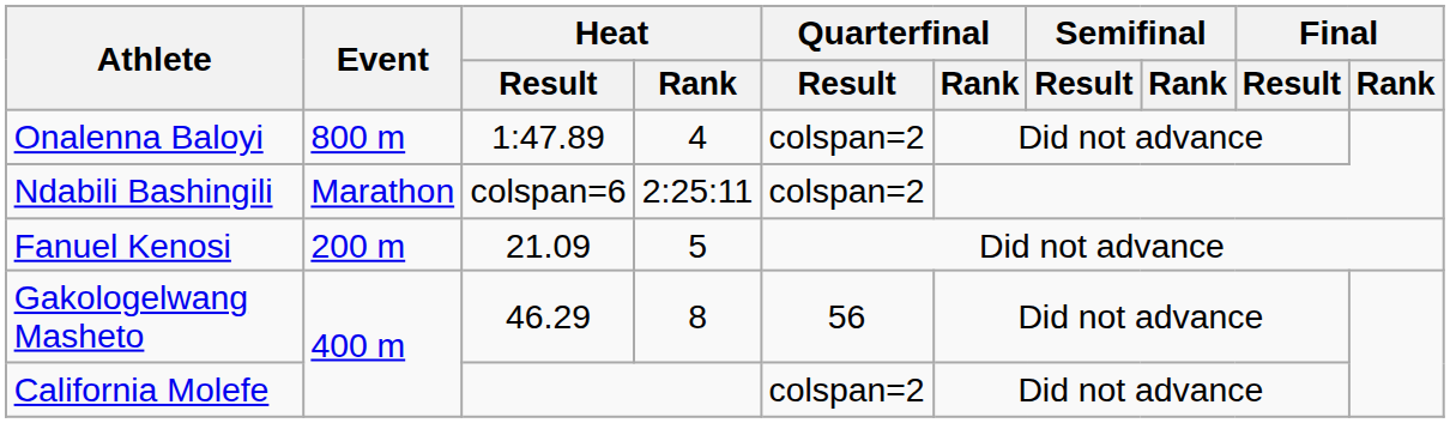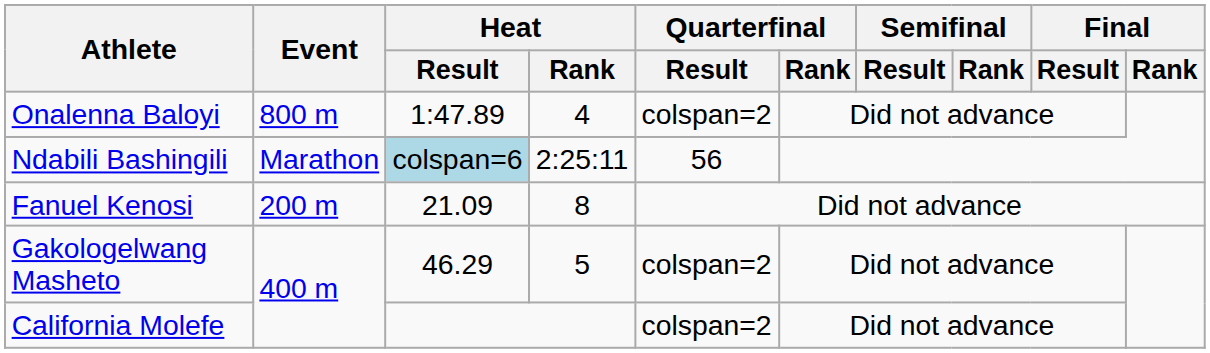 <table class=wikitable style="font-size:90%">
 <tr>
 <th rowspan="2">Athlete</th>
 <th rowspan="2">Event</th>
 <th colspan="2">Heat</th>
 <th colspan="2">Quarterfinal</th>
 <th colspan="2">Semifinal</th>
 <th colspan="2">Final</th>
 </tr>
 <tr style="font-size:95%">
 <th>Result</th>
 <th>Rank</th>
 <th>Result</th>
 <th>Rank</th>
 <th>Result</th>
 <th>Rank</th>
 <th>Result</th>
 <th>Rank</th>
 </tr>
 <tr align=center>
 <td align=left><a href='#'>Onalenna Baloyi</a></td>
 <td align=left><a href='#'>800 m</a></td>
 <td>1:47.89</td>
 <td>4</td>
 <td>colspan=2 </td>
 <td colspan=4>Did not advance</td>
 </tr>
 <tr align=center>
 <td align=left><a href='#'>Ndabili Bashingili</a></td>
 <td align=left><a href='#'>Marathon</a></td>
-<td>colspan=6 </td>
+<td style="background: lightblue;">colspan=6 </td>
 <td>2:25:11</td>
-<td>colspan=2 </td>
+<td>56</td>
 </tr>
 <tr align=center>
 <td align=left><a href='#'>Fanuel Kenosi</a></td>
 <td align=left><a href='#'>200 m</a></td>
 <td>21.09</td>
-<td>5</td>
+<td>8</td>
 <td colspan=6>Did not advance</td>
 </tr>
 <tr align=center>
 <td align=left><a href='#'>Gakologelwang Masheto</a></td>
 <td align=left rowspan=2><a href='#'>400 m</a></td>
 <td>46.29</td>
-<td>8</td>
-<td>56</td>
+<td>5</td>
+<td>colspan=2 </td>
 <td colspan=4>Did not advance</td>
 </tr>
 <tr align=center>
 <td align=left><a href='#'>California Molefe</a></td>
 <td colspan=2></td>
 <td>colspan=2 </td>
 <td colspan=4>Did not advance</td>
 </tr>
 </table>
